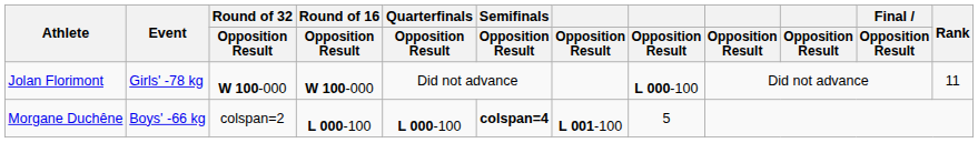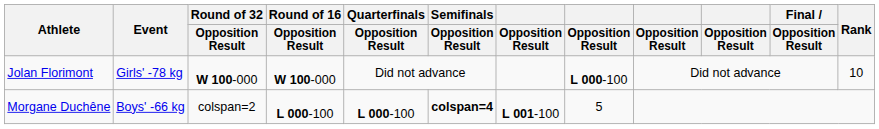 <table class="wikitable" style="font-size:90%">
 <tr>
 <th rowspan="2">Athlete</th>
 <th rowspan="2">Event</th>
 <th>Round of 32</th>
 <th>Round of 16</th>
 <th>Quarterfinals</th>
 <th>Semifinals</th>
 <th></th>
 <th></th>
 <th></th>
 <th></th>
 <th>Final / </th>
 <th rowspan=2>Rank</th>
 </tr>
 <tr style="font-size:95%">
 <th>Opposition<br>Result</th>
 <th>Opposition<br>Result</th>
 <th>Opposition<br>Result</th>
 <th>Opposition<br>Result</th>
 <th>Opposition<br>Result</th>
 <th>Opposition<br>Result</th>
 <th>Opposition<br>Result</th>
 <th>Opposition<br>Result</th>
 <th>Opposition<br>Result</th>
 </tr>
 <tr align=center>
 <td align=left><a href='#'>Jolan Florimont</a></td>
 <td align=left><a href='#'>Girls' -78 kg</a></td>
 <td><br><strong>W</strong> <strong>100</strong>-000</td>
 <td><br><strong>W</strong> <strong>100</strong>-000</td>
 <td colspan=2>Did not advance</td>
 <td></td>
 <td><br><strong>L</strong> <strong>000</strong>-100</td>
 <td colspan=3>Did not advance</td>
-<td>11</td>
+<td>10</td>
 </tr>
 <tr align=center>
 <td align=left><a href='#'>Morgane Duchêne</a></td>
 <td align=left><a href='#'>Boys' -66 kg</a></td>
 <td>colspan=2 </td>
 <td><br><strong>L</strong> <strong>000</strong>-100</td>
 <td><br><strong>L</strong> <strong>000</strong>-100</td>
 <td><strong>colspan=4 </strong></td>
 <td><br><strong>L</strong> <strong>001</strong>-100</td>
 <td>5</td>
 </tr>
 </table>
